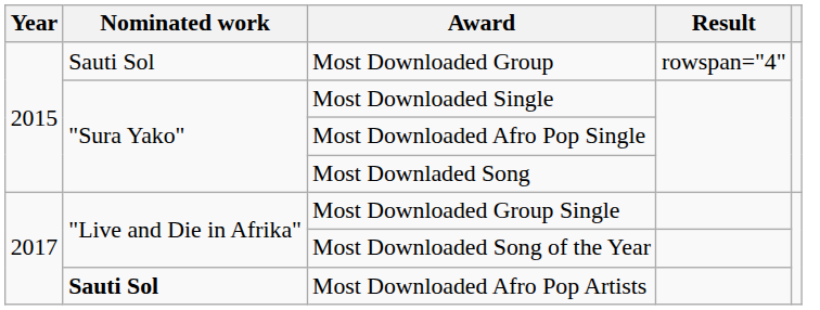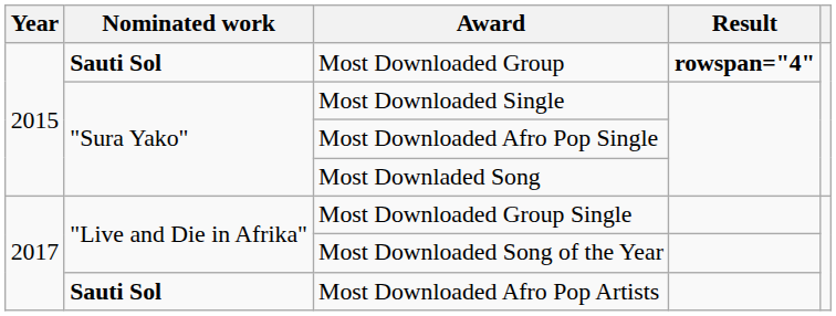 <table class ="wikitable">
 <tr>
 <th>Year</th>
 <th>Nominated work</th>
 <th>Award</th>
 <th>Result</th>
 <th></th>
 </tr>
 <tr>
 <td rowspan="4">2015</td>
-<td>Sauti Sol</td>
+<td><strong>Sauti Sol</strong></td>
 <td>Most Downloaded Group</td>
-<td>rowspan="4" </td>
+<td><strong>rowspan="4" </strong></td>
 <td rowspan="4"></td>
 </tr>
 <tr>
 <td rowspan="3">"Sura Yako"</td>
 <td>Most Downloaded Single</td>
 </tr>
 <tr>
 <td>Most Downloaded Afro Pop Single</td>
 </tr>
 <tr>
 <td>Most Downladed Song</td>
 </tr>
 <tr>
 <td rowspan="3">2017</td>
 <td rowspan="2">"Live and Die in Afrika"</td>
 <td>Most Downloaded Group Single</td>
 <td></td>
 <td rowspan="3"></td>
 </tr>
 <tr>
 <td>Most Downloaded Song of the Year</td>
 <td></td>
 </tr>
 <tr>
 <td><strong>Sauti Sol</strong></td>
 <td>Most Downloaded Afro Pop Artists</td>
 <td></td>
 </tr>
 </table>
